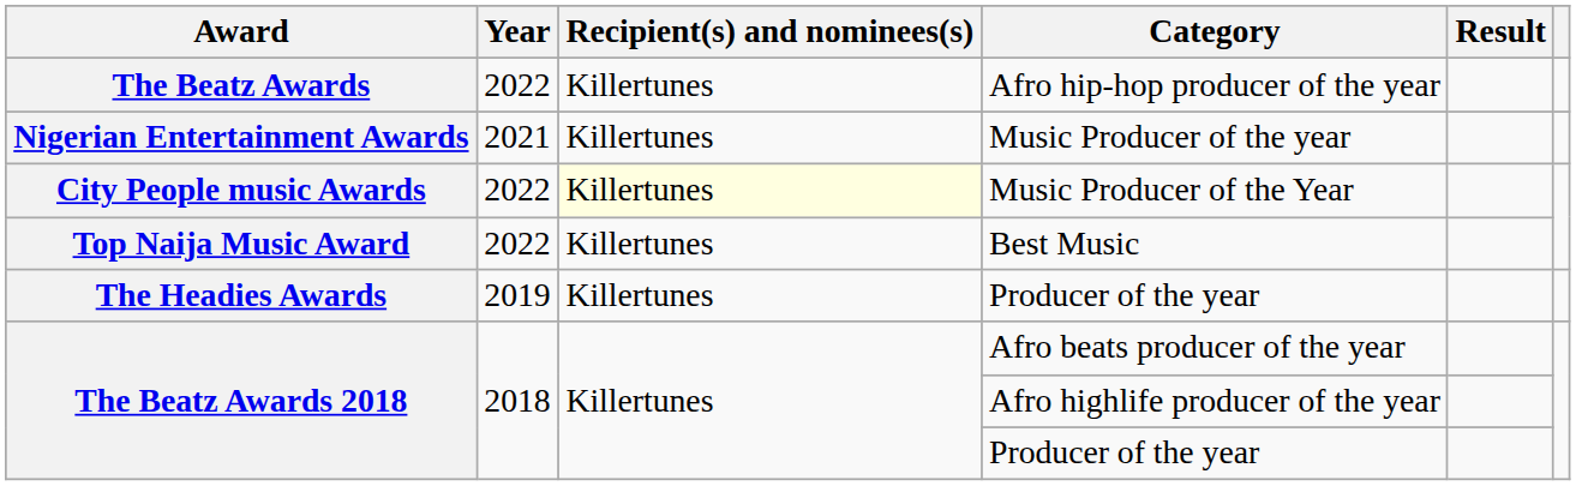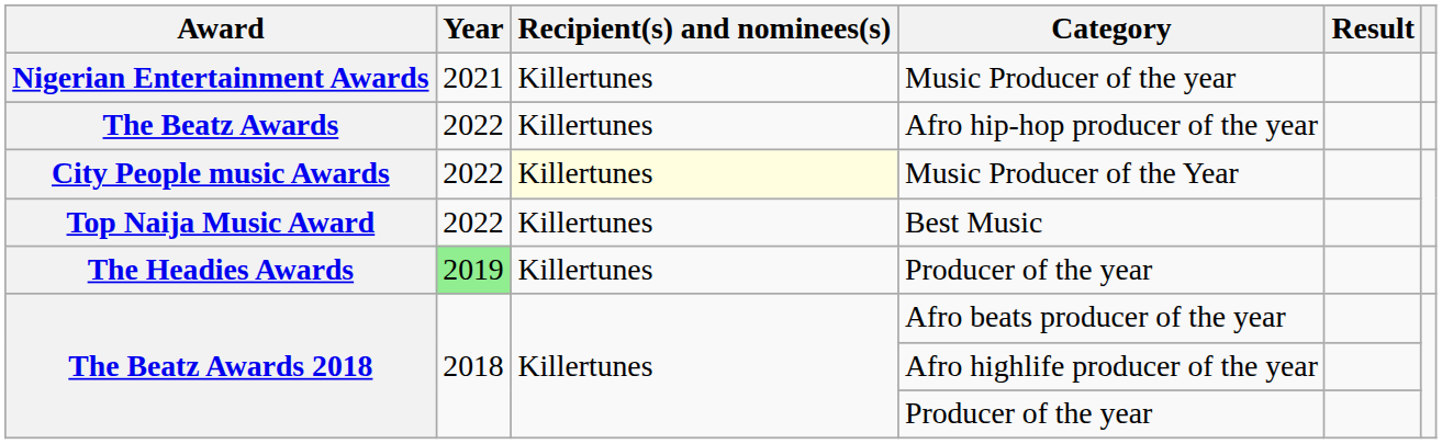 <table class="wikitable sortable plainrowheaders">
 <tr>
 <th scope="col">Award</th>
 <th scope="col">Year</th>
 <th scope="col">Recipient(s) and nominees(s)</th>
 <th scope="col">Category</th>
 <th scope="col">Result</th>
 <th scope="col" class="unsortable"></th>
 </tr>
 <tr>
+<th><a href='#'>Nigerian Entertainment Awards</a></th>
+<td>2021</td>
+<td>Killertunes</td>
+<td>Music Producer of the year</td>
+<td></td>
+<td></td>
+</tr>
+<tr>
 <th scope="row"><a href='#'>The Beatz Awards</a></th>
 <td>2022</td>
 <td>Killertunes</td>
 <td>Afro hip-hop producer of the year</td>
 <td></td>
 <td style="text-align:center;"></td>
-</tr>
-<tr>
-<th><a href='#'>Nigerian Entertainment Awards</a></th>
-<td>2021</td>
-<td>Killertunes</td>
-<td>Music Producer of the year</td>
-<td></td>
-<td></td>
 </tr>
 <tr>
 <th scope="row"><a href='#'>City People music Awards</a></th>
 <td>2022</td>
 <td style="background: lightyellow;">Killertunes</td>
 <td>Music Producer of the Year</td>
 <td></td>
 <td rowspan="2" style="text-align:center;"></td>
 </tr>
 <tr>
 <th><a href='#'>Top Naija Music Award</a></th>
 <td>2022</td>
 <td>Killertunes</td>
 <td>Best Music</td>
 <td></td>
 </tr>
 <tr>
 <th><a href='#'>The Headies Awards</a></th>
-<td>2019</td>
+<td style="background: lightgreen;">2019</td>
 <td>Killertunes</td>
 <td>Producer of the year</td>
 <td></td>
 <td></td>
 </tr>
 <tr>
 <th rowspan="3"><a href='#'>The Beatz Awards 2018</a></th>
 <td rowspan="3">2018</td>
 <td rowspan="3">Killertunes</td>
 <td>Afro beats producer of the year</td>
 <td></td>
 <td rowspan="3"></td>
 </tr>
 <tr>
 <td>Afro highlife producer of the year</td>
 <td></td>
 </tr>
 <tr>
 <td>Producer of the year</td>
 <td></td>
 </tr>
 </table>
